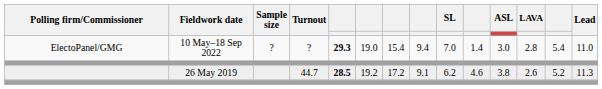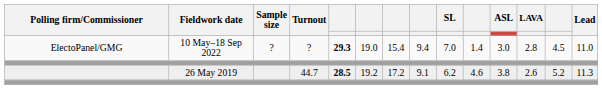 <table class="wikitable collapsible collapsed" style="text-align:center; font-size:95%; line-height:16px;">
 <tr style="height:42px;">
 <th style="width:250px;" rowspan="2">Polling firm/Commissioner</th>
 <th style="width:125px;" rowspan="2">Fieldwork date</th>
 <th style="width:50px;" rowspan="2">Sample size</th>
 <th style="width:45px;" rowspan="2">Turnout</th>
 <th style="width:35px;"></th>
 <th style="width:35px;"></th>
 <th style="width:35px;"></th>
 <th style="width:35px;"></th>
 <th style="width:35px;">SL</th>
 <th style="width:35px;"></th>
 <th style="width:35px;">ASL</th>
 <th style="width:35px; font-size:95%;">LAVA</th>
 <th style="width:35px;"></th>
 <th style="width:30px;" rowspan="2">Lead</th>
 </tr>
 <tr>
 <th style="color:inherit;background:"></th>
 <th style="color:inherit;background:"></th>
 <th style="color:inherit;background:"></th>
 <th style="color:inherit;background:"></th>
 <th style="color:inherit;background:"></th>
 <th style="color:inherit;background:"></th>
 <th style="color:inherit;background:#D34646;"></th>
 <th style="color:inherit;background:"></th>
 <th style="color:inherit;background:"></th>
 </tr>
 <tr>
 <td>ElectoPanel/GMG</td>
 <td>10 May–18 Sep 2022</td>
 <td>?</td>
 <td>?</td>
 <td><strong>29.3</strong><br></td>
 <td>19.0<br></td>
 <td>15.4<br></td>
 <td>9.4<br></td>
 <td>7.0<br></td>
 <td>1.4<br></td>
 <td>3.0<br></td>
 <td>2.8<br></td>
-<td>5.4<br></td>
+<td>4.5<br></td>
 <td style="background:">11.0</td>
 </tr>
 <tr>
 <td colspan="14" style="background:#A0A0A0"></td>
 </tr>
 <tr style="background:#EFEFEF;">
 <td><strong></strong></td>
 <td>26 May 2019</td>
 <td></td>
 <td>44.7</td>
 <td><strong>28.5</strong><br></td>
 <td>19.2<br></td>
 <td>17.2<br></td>
 <td>9.1<br></td>
 <td>6.2<br></td>
 <td>4.6<br></td>
 <td>3.8<br></td>
 <td>2.6<br></td>
 <td>5.2<br></td>
 <td style="background:">11.3</td>
 </tr>
 <tr>
 <td colspan="14" style="background:#A0A0A0"></td>
 </tr>
 </table>
